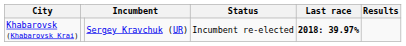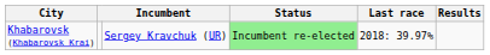 <table class="wikitable">
 <tr>
 <th>City</th>
 <th colspan=2>Incumbent</th>
 <th>Status</th>
 <th>Last race</th>
 <th>Results</th>
 </tr>
 <tr>
 <td><a href='#'>Khabarovsk</a><br><small>(<a href='#'>Khabarovsk Krai</a>)</small></td>
 <td style="background-color:"></td>
 <td><a href='#'>Sergey Kravchuk</a> (<a href='#'>UR</a>)</td>
-<td>Incumbent re-elected</td>
-<td><strong>2018: 39.97%</strong></td>
+<td style="background: lightgreen;">Incumbent re-elected</td>
+<td>2018: 39.97%</td>
 <td nowrap></td>
 </tr>
 </table>
